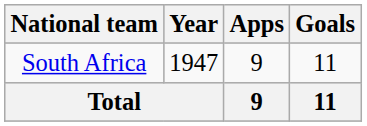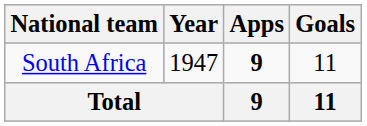 <table class=wikitable style=text-align:center>
 <tr>
 <th>National team</th>
 <th>Year</th>
 <th>Apps</th>
 <th>Goals</th>
 </tr>
 <tr>
 <td rowspan="1"><a href='#'>South Africa</a></td>
 <td>1947</td>
-<td>9</td>
+<td><strong>9</strong></td>
 <td>11</td>
 </tr>
 <tr>
 <th colspan="2">Total</th>
 <th>9</th>
 <th>11</th>
 </tr>
 </table>
